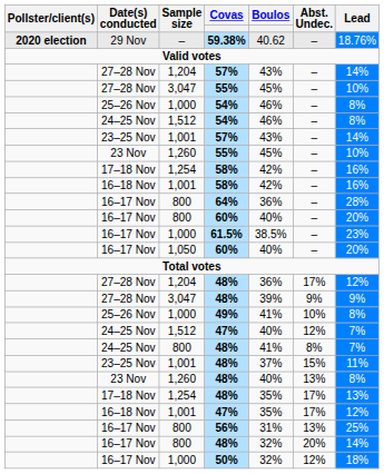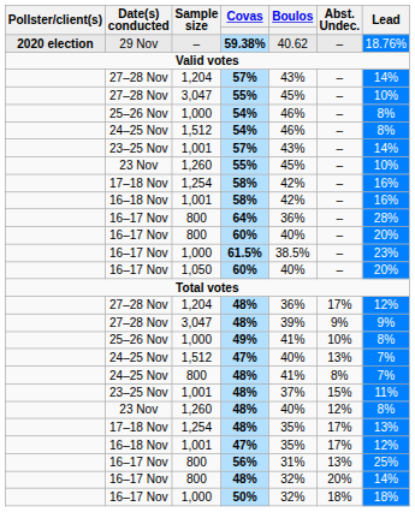 <table class="wikitable sortable" style="text-align:center;font-size:90%;line-height:14px;">
 <tr>
 <th rowspan="2">Pollster/client(s)</th>
 <th rowspan="2">Date(s)<br>conducted</th>
 <th rowspan="2" data-sort-type="number">Sample<br>size</th>
 <th class="unsortable" style="width:50px;"><a href='#'>Covas</a><br></th>
 <th class="unsortable" style="width:50px;"><a href='#'>Boulos</a><br></th>
 <th rowspan="2" class="unsortable">Abst.<br>Undec.</th>
 <th rowspan="2" data-sort-type="number">Lead</th>
 </tr>
 <tr>
 <th data-sort-type="number" class="sortable" style="background:"></th>
 <th data-sort-type="number" class="sortable" style="background:"></th>
 </tr>
 <tr style="background:#E9E9E9;">
 <td><strong>2020 election</strong></td>
 <td>29 Nov</td>
 <td>–</td>
 <td style="background:#B3E0FF;"><strong>59.38%</strong></td>
 <td>40.62</td>
 <td>–</td>
 <td style="background:#0080FF;color:#FFFFFF;">18.76%</td>
 </tr>
 <tr>
 <td colspan="7"><strong>Valid votes</strong></td>
 </tr>
 <tr>
 <td></td>
 <td>27–28 Nov</td>
 <td>1,204</td>
 <td style="background:#B3E0FF;"><strong>57%</strong></td>
 <td>43%</td>
 <td>–</td>
 <td style="background:#0080FF;color:#FFFFFF;">14%</td>
 </tr>
 <tr>
 <td></td>
 <td>27–28 Nov</td>
 <td>3,047</td>
 <td style="background:#B3E0FF;"><strong>55%</strong></td>
 <td>45%</td>
 <td>–</td>
 <td style="background:#0080FF;color:#FFFFFF;">10%</td>
 </tr>
 <tr>
 <td></td>
 <td>25–26 Nov</td>
 <td>1,000</td>
 <td style="background:#B3E0FF;"><strong>54%</strong></td>
 <td>46%</td>
 <td>–</td>
 <td style="background:#0080FF;color:#FFFFFF;">8%</td>
 </tr>
 <tr>
 <td></td>
 <td>24–25 Nov</td>
 <td>1,512</td>
 <td style="background:#B3E0FF;"><strong>54%</strong></td>
 <td>46%</td>
 <td>–</td>
 <td style="background:#0080FF;color:#FFFFFF;">8%</td>
 </tr>
 <tr>
 <td></td>
 <td>23–25 Nov</td>
 <td>1,001</td>
 <td style="background:#B3E0FF;"><strong>57%</strong></td>
 <td>43%</td>
 <td>–</td>
 <td style="background:#0080FF;color:#FFFFFF;">14%</td>
 </tr>
 <tr>
 <td></td>
 <td>23 Nov</td>
 <td>1,260</td>
 <td style="background:#B3E0FF;"><strong>55%</strong></td>
 <td>45%</td>
 <td>–</td>
 <td style="background:#0080FF;color:#FFFFFF;">10%</td>
 </tr>
 <tr>
 <td></td>
 <td>17–18 Nov</td>
 <td>1,254</td>
 <td style="background:#B3E0FF;"><strong>58%</strong></td>
 <td>42%</td>
 <td>–</td>
 <td style="background:#0080FF;color:#FFFFFF;">16%</td>
 </tr>
 <tr>
 <td></td>
 <td>16–18 Nov</td>
 <td>1,001</td>
 <td style="background:#B3E0FF;"><strong>58%</strong></td>
 <td>42%</td>
 <td>–</td>
 <td style="background:#0080FF;color:#FFFFFF;">16%</td>
 </tr>
 <tr>
 <td></td>
 <td>16–17 Nov</td>
 <td>800</td>
 <td style="background:#B3E0FF;"><strong>64%</strong></td>
 <td>36%</td>
 <td>–</td>
 <td style="background:#0080FF;color:#FFFFFF;">28%</td>
 </tr>
 <tr>
 <td></td>
 <td>16–17 Nov</td>
 <td>800</td>
 <td style="background:#B3E0FF;"><strong>60%</strong></td>
 <td>40%</td>
 <td>–</td>
 <td style="background:#0080FF;color:#FFFFFF;">20%</td>
 </tr>
 <tr>
 <td></td>
 <td>16–17 Nov</td>
 <td>1,000</td>
 <td style="background:#B3E0FF;"><strong>61.5%</strong></td>
 <td>38.5%</td>
 <td>–</td>
 <td style="background:#0080FF;color:#FFFFFF;">23%</td>
 </tr>
 <tr>
 <td></td>
 <td>16–17 Nov</td>
 <td>1,050</td>
 <td style="background:#B3E0FF;"><strong>60%</strong></td>
 <td>40%</td>
 <td>–</td>
 <td style="background:#0080FF;color:#FFFFFF;">20%</td>
 </tr>
 <tr>
 <td colspan="7"><strong>Total votes</strong></td>
 </tr>
 <tr>
 <td></td>
 <td>27–28 Nov</td>
 <td>1,204</td>
 <td style="background:#B3E0FF;"><strong>48%</strong></td>
 <td>36%</td>
 <td>17%</td>
 <td style="background:#0080FF;color:#FFFFFF;">12%</td>
 </tr>
 <tr>
 <td></td>
 <td>27–28 Nov</td>
 <td>3,047</td>
 <td style="background:#B3E0FF;"><strong>48%</strong></td>
 <td>39%</td>
 <td>9%</td>
 <td style="background:#0080FF;color:#FFFFFF;">9%</td>
 </tr>
 <tr>
 <td></td>
 <td>25–26 Nov</td>
 <td>1,000</td>
 <td style="background:#B3E0FF;"><strong>49%</strong></td>
 <td>41%</td>
 <td>10%</td>
 <td style="background:#0080FF;color:#FFFFFF;">8%</td>
 </tr>
 <tr>
 <td></td>
 <td>24–25 Nov</td>
 <td>1,512</td>
 <td style="background:#B3E0FF;"><strong>47%</strong></td>
 <td>40%</td>
-<td>12%</td>
+<td>13%</td>
 <td style="background:#0080FF;color:#FFFFFF;">7%</td>
 </tr>
 <tr>
 <td></td>
 <td>24–25 Nov</td>
 <td>800</td>
 <td style="background:#B3E0FF;"><strong>48%</strong></td>
 <td>41%</td>
 <td>8%</td>
 <td style="background:#0080FF;color:#FFFFFF;">7%</td>
 </tr>
 <tr>
 <td></td>
 <td>23–25 Nov</td>
 <td>1,001</td>
 <td style="background:#B3E0FF;"><strong>48%</strong></td>
 <td>37%</td>
 <td>15%</td>
 <td style="background:#0080FF;color:#FFFFFF;">11%</td>
 </tr>
 <tr>
 <td></td>
 <td>23 Nov</td>
 <td>1,260</td>
 <td style="background:#B3E0FF;"><strong>48%</strong></td>
 <td>40%</td>
-<td>13%</td>
+<td>12%</td>
 <td style="background:#0080FF;color:#FFFFFF;">8%</td>
 </tr>
 <tr>
 <td></td>
 <td>17–18 Nov</td>
 <td>1,254</td>
 <td style="background:#B3E0FF;"><strong>48%</strong></td>
 <td>35%</td>
 <td>17%</td>
 <td style="background:#0080FF;color:#FFFFFF;">13%</td>
 </tr>
 <tr>
 <td></td>
 <td>16–18 Nov</td>
 <td>1,001</td>
 <td style="background:#B3E0FF;"><strong>47%</strong></td>
 <td>35%</td>
 <td>17%</td>
 <td style="background:#0080FF;color:#FFFFFF;">12%</td>
 </tr>
 <tr>
 <td></td>
 <td>16–17 Nov</td>
 <td>800</td>
 <td style="background:#B3E0FF;"><strong>56%</strong></td>
 <td>31%</td>
 <td>13%</td>
 <td style="background:#0080FF;color:#FFFFFF;">25%</td>
 </tr>
 <tr>
 <td></td>
 <td>16–17 Nov</td>
 <td>800</td>
 <td style="background:#B3E0FF;"><strong>48%</strong></td>
 <td>32%</td>
 <td>20%</td>
 <td style="background:#0080FF;color:#FFFFFF;">14%</td>
 </tr>
 <tr>
 <td></td>
 <td>16–17 Nov</td>
 <td>1,000</td>
 <td style="background:#B3E0FF;"><strong>50%</strong></td>
 <td>32%</td>
-<td>12%</td>
+<td>18%</td>
 <td style="background:#0080FF;color:#FFFFFF;">18%</td>
 </tr>
 </table>
